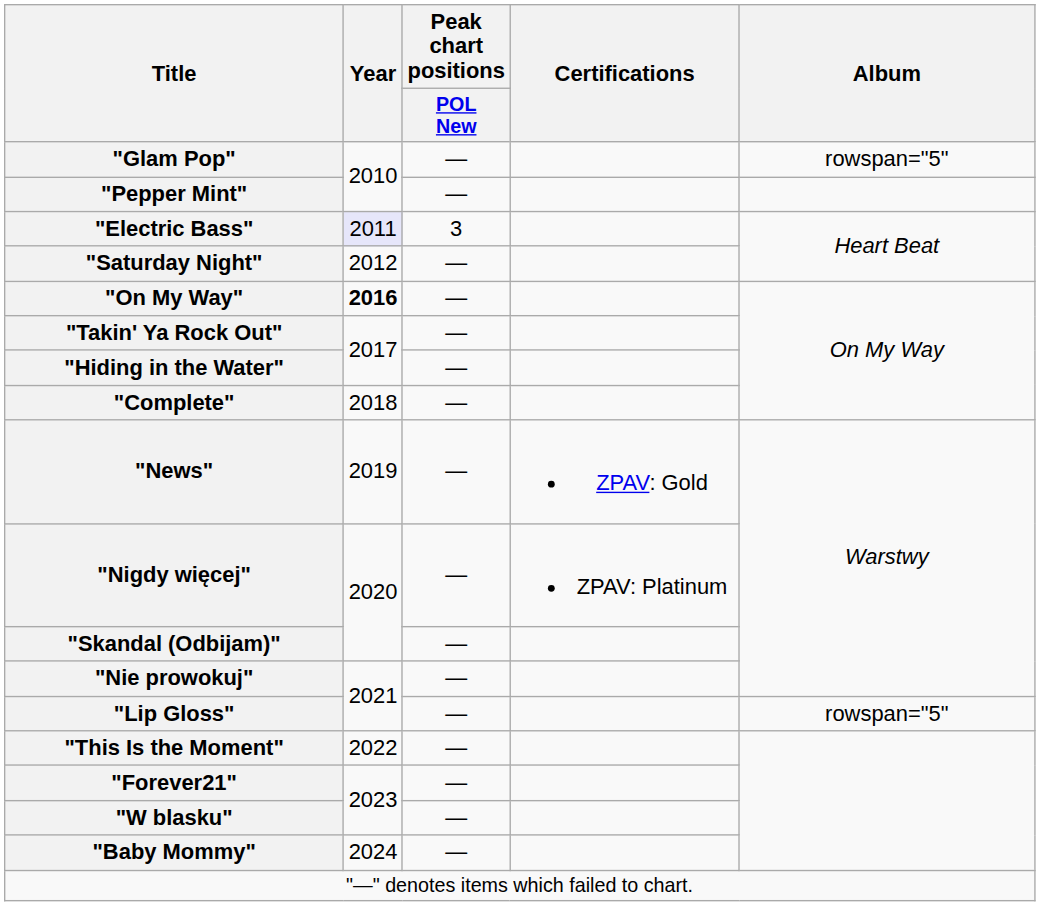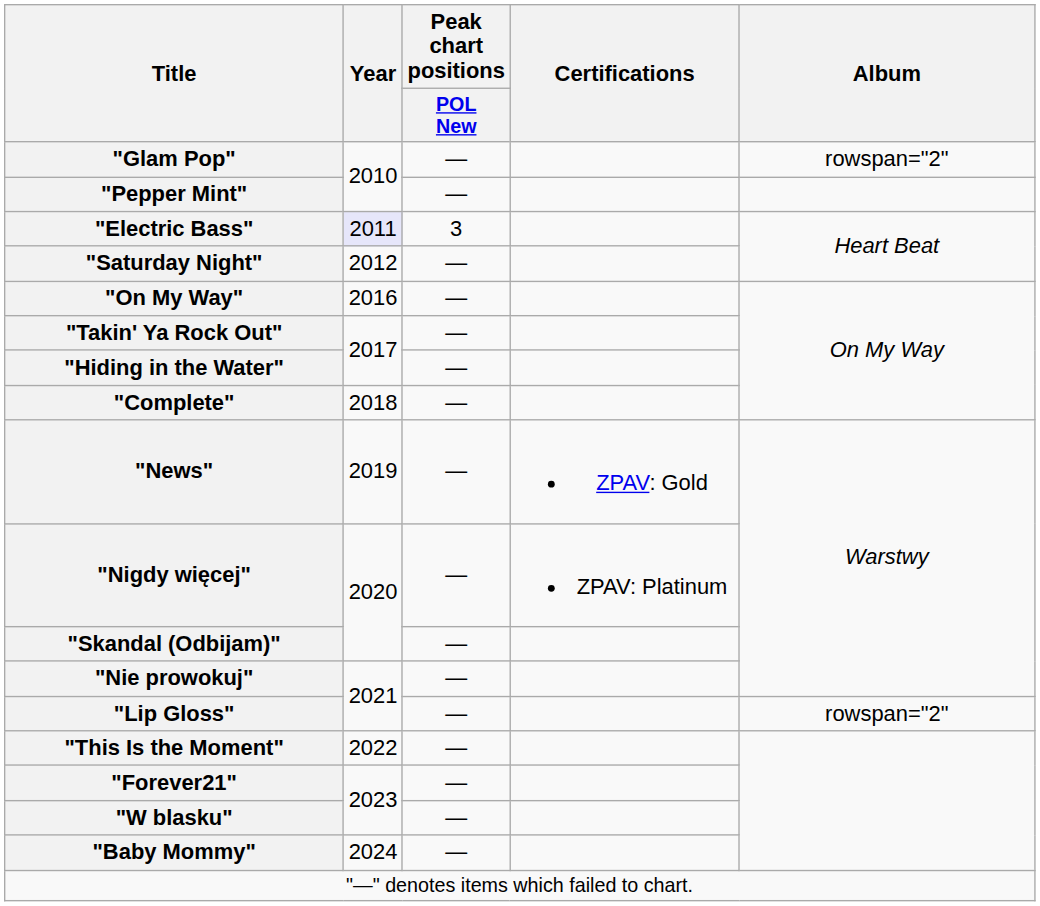 <table class="wikitable plainrowheaders" style="text-align:center;">
 <tr>
 <th scope="col" rowspan="2" style="width:15em;">Title</th>
 <th scope="col" rowspan="2" style="width:1.5em;">Year</th>
 <th scope="col" colspan="1" style="width:3em;">Peak chart positions</th>
 <th scope="col" rowspan="2" style="width:10em;">Certifications</th>
 <th scope="col" rowspan="2" style="width:13em;">Album</th>
 </tr>
 <tr>
 <th style="width:3em;font-size:90%;"><a href='#'>POL<br>New</a><br></th>
 </tr>
 <tr>
 <th scope="row">"Glam Pop"</th>
 <td rowspan="2">2010</td>
 <td>—</td>
 <td></td>
-<td>rowspan="5" </td>
+<td>rowspan="2" </td>
 </tr>
 <tr>
 <th scope="row">"Pepper Mint"</th>
 <td>—</td>
 <td></td>
 </tr>
 <tr>
 <th scope="row">"Electric Bass"</th>
 <td style="background: lavender;">2011</td>
 <td>3</td>
 <td></td>
 <td rowspan="2"><em>Heart Beat</em></td>
 </tr>
 <tr>
 <th scope="row">"Saturday Night"</th>
 <td>2012</td>
 <td>—</td>
 <td></td>
 </tr>
 <tr>
 <th scope="row">"On My Way"</th>
-<td><strong>2016</strong></td>
+<td>2016</td>
 <td>—</td>
 <td></td>
 <td rowspan="4"><em>On My Way</em></td>
 </tr>
 <tr>
 <th scope="row">"Takin' Ya Rock Out"</th>
 <td rowspan="2">2017</td>
 <td>—</td>
 <td></td>
 </tr>
 <tr>
 <th scope="row">"Hiding in the Water"</th>
 <td>—</td>
 <td></td>
 </tr>
 <tr>
 <th scope="row">"Complete"</th>
 <td>2018</td>
 <td>—</td>
 <td></td>
 </tr>
 <tr>
 <th scope="row">"News"<br></th>
 <td>2019</td>
 <td>—</td>
 <td><br><ul><li><a href='#'>ZPAV</a>: Gold</li></ul></td>
 <td rowspan="4"><em>Warstwy</em></td>
 </tr>
 <tr>
 <th scope="row">"Nigdy więcej"<br></th>
 <td rowspan="2">2020</td>
 <td>—</td>
 <td><br><ul><li>ZPAV: Platinum</li></ul></td>
 </tr>
 <tr>
 <th scope="row">"Skandal (Odbijam)"<br></th>
 <td>—</td>
 <td></td>
 </tr>
 <tr>
 <th scope="row">"Nie prowokuj"</th>
 <td rowspan="2">2021</td>
 <td>—</td>
 <td></td>
 </tr>
 <tr>
 <th scope="row">"Lip Gloss"<br></th>
 <td>—</td>
 <td></td>
-<td>rowspan="5" </td>
+<td>rowspan="2" </td>
 </tr>
 <tr>
 <th scope="row">"This Is the Moment"</th>
 <td>2022</td>
 <td>—</td>
 <td></td>
 </tr>
 <tr>
 <th scope="row">"Forever21"</th>
 <td rowspan="2">2023</td>
 <td>—</td>
 <td></td>
 </tr>
 <tr>
 <th scope="row">"W blasku"<br></th>
 <td>—</td>
 <td></td>
 </tr>
 <tr>
 <th scope="row">"Baby Mommy"</th>
 <td>2024</td>
 <td>—</td>
 <td></td>
 </tr>
 <tr>
 <td colspan="5" style="font-size:90%;">"—" denotes items which failed to chart.</td>
 </tr>
 </table>
